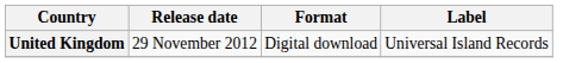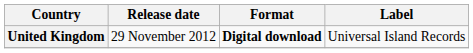 <table class="wikitable plainrowheaders">
 <tr>
 <th scope="col">Country</th>
 <th scope="col">Release date</th>
 <th scope="col">Format</th>
 <th scope="col">Label</th>
 </tr>
 <tr>
 <th scope="row">United Kingdom</th>
 <td>29 November 2012</td>
-<td>Digital download</td>
+<td><strong>Digital download</strong></td>
 <td>Universal Island Records</td>
 </tr>
 <tr>
 </tr>
 </table>
